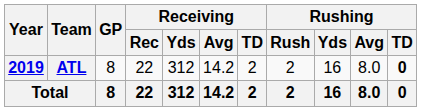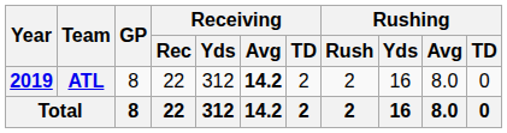 <table class=wikitable style="text-align:center;">
 <tr>
 <th rowspan="2">Year</th>
 <th rowspan="2">Team</th>
 <th rowspan="2">GP</th>
 <th colspan="4">Receiving</th>
 <th colspan="5">Rushing</th>
 </tr>
 <tr>
 <th>Rec</th>
 <th>Yds</th>
 <th>Avg</th>
 <th>TD</th>
 <th>Rush</th>
 <th>Yds</th>
 <th>Avg</th>
 <th>TD</th>
 </tr>
 <tr>
 <th><a href='#'>2019</a></th>
 <th><a href='#'>ATL</a></th>
 <td>8</td>
 <td>22</td>
 <td>312</td>
-<td>14.2</td>
+<td><strong>14.2</strong></td>
 <td>2</td>
 <td>2</td>
 <td>16</td>
 <td>8.0</td>
-<td><strong>0</strong></td>
+<td>0</td>
 </tr>
 <tr>
 <th colspan="2">Total</th>
 <th>8</th>
 <th>22</th>
 <th>312</th>
 <th>14.2</th>
 <th>2</th>
 <th>2</th>
 <th>16</th>
 <th>8.0</th>
 <th>0</th>
 </tr>
 </table>
